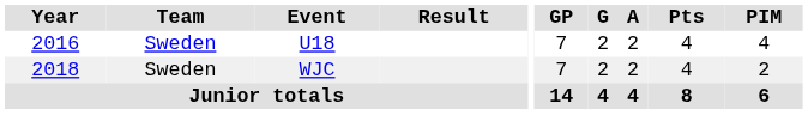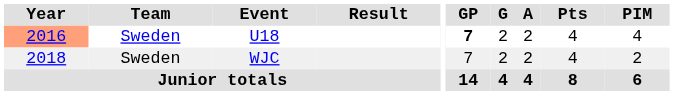 <table border="0" cellpadding="1" cellspacing="0" ID="Table3" style="text-align:center; width:40em">
 <tr ALIGN="center" bgcolor="#e0e0e0">
 <th>Year</th>
 <th>Team</th>
 <th>Event</th>
 <th>Result</th>
 <th rowspan="99" bgcolor="#ffffff"></th>
 <th>GP</th>
 <th>G</th>
 <th>A</th>
 <th>Pts</th>
 <th>PIM</th>
 </tr>
 <tr>
-<td><a href='#'>2016</a></td>
+<td style="background: lightsalmon;"><a href='#'>2016</a></td>
 <td><a href='#'>Sweden</a></td>
 <td><a href='#'>U18</a></td>
 <td></td>
-<td>7</td>
+<td><strong>7</strong></td>
 <td>2</td>
 <td>2</td>
 <td>4</td>
 <td>4</td>
 </tr>
 <tr bgcolor="#f0f0f0">
 <td><a href='#'>2018</a></td>
 <td>Sweden</td>
 <td><a href='#'>WJC</a></td>
 <td></td>
 <td>7</td>
 <td>2</td>
 <td>2</td>
 <td>4</td>
 <td>2</td>
 </tr>
 <tr bgcolor="#e0e0e0">
 <th colspan="4">Junior totals</th>
 <th>14</th>
 <th>4</th>
 <th>4</th>
 <th>8</th>
 <th>6</th>
 </tr>
 </table>
